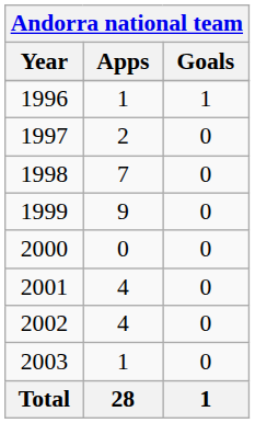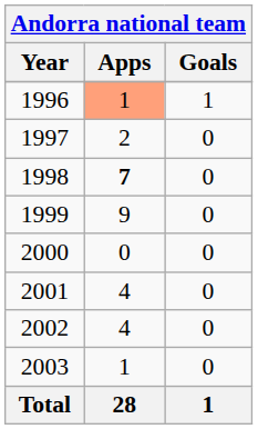 <table class="wikitable" style="text-align:center">
 <tr>
 <th colspan=3><a href='#'>Andorra national team</a></th>
 </tr>
 <tr>
 <th>Year</th>
 <th>Apps</th>
 <th>Goals</th>
 </tr>
 <tr>
 </tr>
 <tr>
 <td>1996</td>
-<td>1</td>
+<td style="background: lightsalmon;">1</td>
 <td>1</td>
 </tr>
 <tr>
 <td>1997</td>
 <td>2</td>
 <td>0</td>
 </tr>
 <tr>
 <td>1998</td>
-<td>7</td>
+<td><strong>7</strong></td>
 <td>0</td>
 </tr>
 <tr>
 <td>1999</td>
 <td>9</td>
 <td>0</td>
 </tr>
 <tr>
 <td>2000</td>
 <td>0</td>
 <td>0</td>
 </tr>
 <tr>
 <td>2001</td>
 <td>4</td>
 <td>0</td>
 </tr>
 <tr>
 <td>2002</td>
 <td>4</td>
 <td>0</td>
 </tr>
 <tr>
 <td>2003</td>
 <td>1</td>
 <td>0</td>
 </tr>
 <tr>
 <th>Total</th>
 <th>28</th>
 <th>1</th>
 </tr>
 </table>
